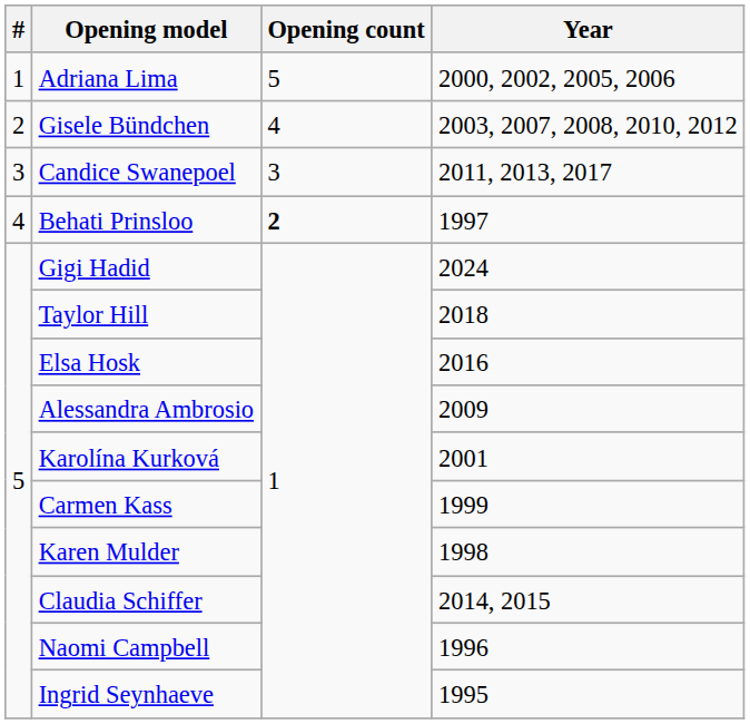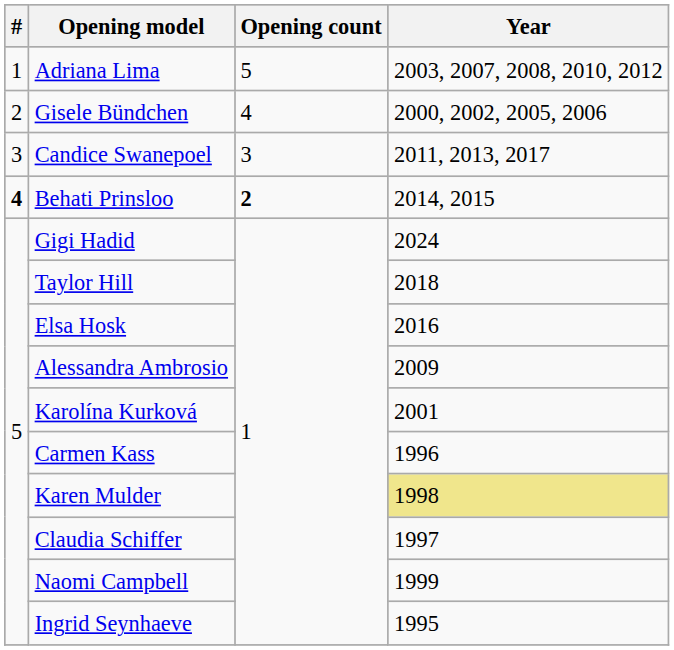 <table class="wikitable sortable">
 <tr>
 <th><small>#</small></th>
 <th><small>Opening model</small></th>
 <th><small>Opening count</small></th>
 <th><small>Year</small></th>
 </tr>
 <tr>
 <td><small>1</small></td>
 <td><small> <a href='#'>Adriana Lima</a></small></td>
 <td><small>5</small></td>
-<td><small>2000, 2002, 2005, 2006</small></td>
+<td><small>2003, 2007, 2008, 2010, 2012</small></td>
 </tr>
 <tr>
 <td><small>2</small></td>
 <td><small> <a href='#'>Gisele Bündchen</a></small></td>
 <td><small>4</small></td>
-<td><small>2003, 2007, 2008, 2010, 2012</small></td>
+<td><small>2000, 2002, 2005, 2006</small></td>
 </tr>
 <tr>
 <td><small>3</small></td>
 <td><small> <a href='#'>Candice Swanepoel</a></small></td>
 <td><small>3</small></td>
 <td><small>2011, 2013, 2017</small></td>
 </tr>
 <tr>
-<td><small>4</small></td>
+<td><strong><small>4</small></strong></td>
 <td><small> <a href='#'>Behati Prinsloo</a></small></td>
 <td><strong><small>2</small></strong></td>
-<td><small>1997</small></td>
+<td><small>2014, 2015</small></td>
 </tr>
 <tr>
 <td rowspan="10"><small>5</small></td>
 <td><small> <a href='#'>Gigi Hadid</a> </small></td>
 <td rowspan="10"><small>1</small></td>
 <td><small>2024</small></td>
 </tr>
 <tr>
 <td><small> <a href='#'>Taylor Hill</a></small></td>
 <td><small>2018</small></td>
 </tr>
 <tr>
 <td><small> <a href='#'>Elsa Hosk</a></small></td>
 <td><small>2016</small></td>
 </tr>
 <tr>
 <td><small> <a href='#'>Alessandra Ambrosio</a></small></td>
 <td><small>2009</small></td>
 </tr>
 <tr>
 <td><small> <a href='#'>Karolína Kurková</a></small></td>
 <td><small>2001</small></td>
 </tr>
 <tr>
 <td><small> <a href='#'>Carmen Kass</a></small></td>
-<td><small>1999</small></td>
+<td><small>1996</small></td>
 </tr>
 <tr>
 <td><small> <a href='#'>Karen Mulder</a></small></td>
-<td><small>1998</small></td>
+<td style="background: khaki;"><small>1998</small></td>
 </tr>
 <tr>
 <td><small> <a href='#'>Claudia Schiffer</a></small></td>
-<td><small>2014, 2015</small></td>
+<td><small>1997</small></td>
 </tr>
 <tr>
 <td><small> <a href='#'>Naomi Campbell</a></small></td>
-<td><small>1996</small></td>
+<td><small>1999</small></td>
 </tr>
 <tr>
 <td><small> <a href='#'>Ingrid Seynhaeve</a></small></td>
 <td><small>1995</small></td>
 </tr>
 </table>
